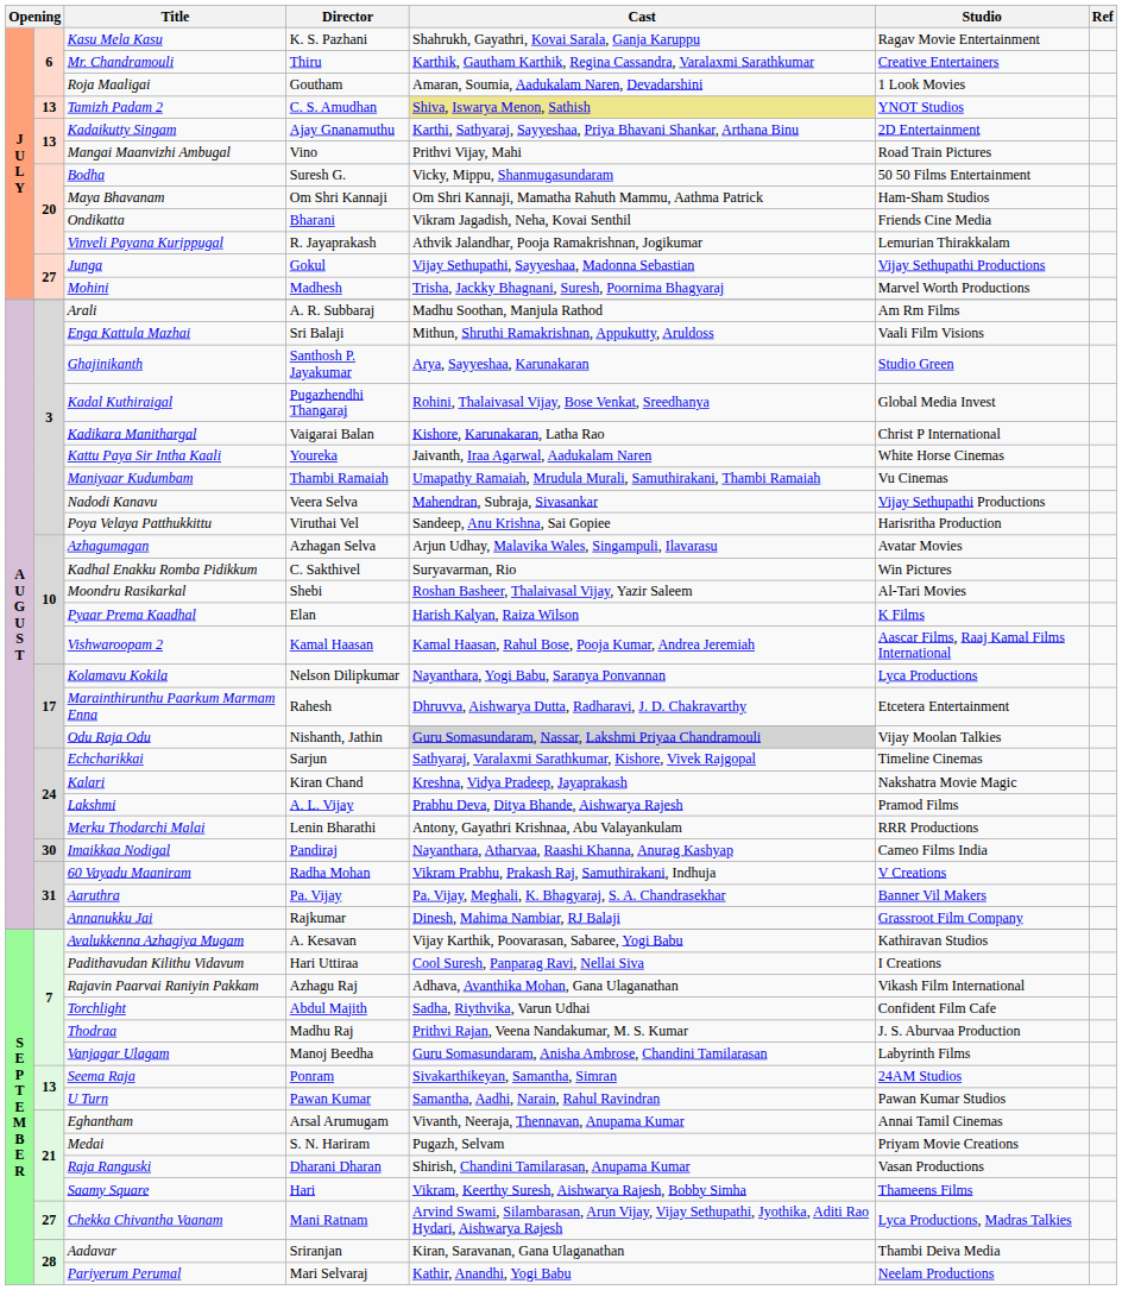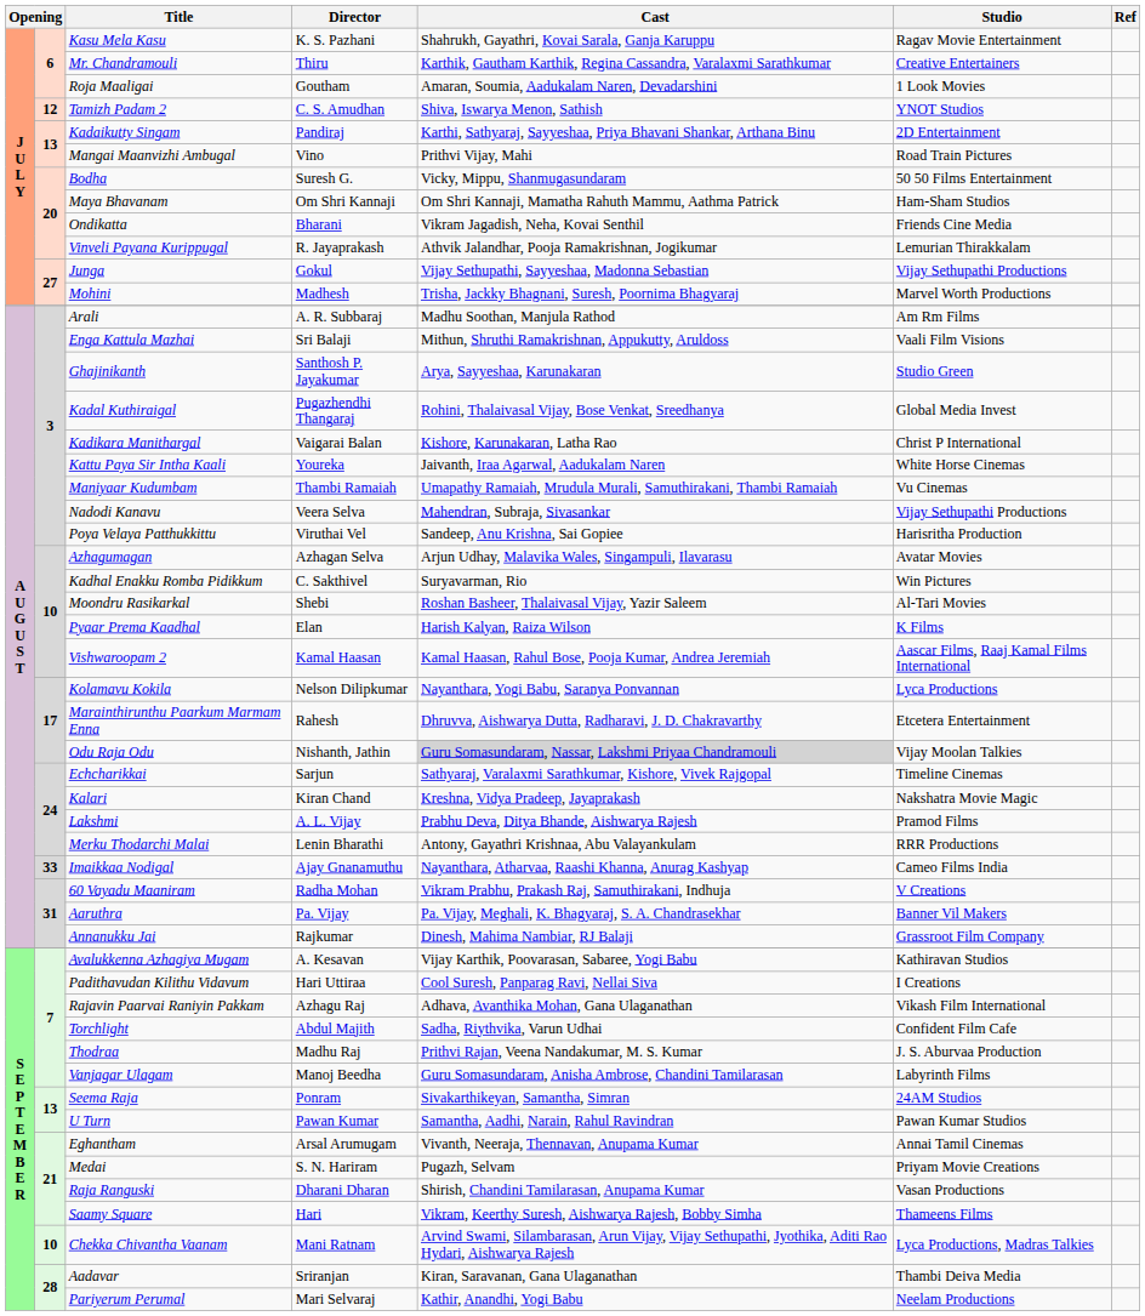 <table class="wikitable sortable">
 <tr style="background">
 <th colspan="2">Opening</th>
 <th style="width:20%;">Title</th>
 <th>Director</th>
 <th>Cast</th>
 <th>Studio</th>
 <th>Ref</th>
 </tr>
 <tr JULY!>
 <th rowspan="12" style="text-align:center; background:#ffa07a; textcolor:#000;">J<br>U<br>L<br>Y</th>
 <td rowspan="3" style="text-align:center; background:#ffdacc;"><strong>6</strong></td>
 <td><em><a href='#'>Kasu Mela Kasu</a></em></td>
 <td>K. S. Pazhani</td>
 <td>Shahrukh, Gayathri, <a href='#'>Kovai Sarala</a>, <a href='#'>Ganja Karuppu</a></td>
 <td>Ragav Movie Entertainment</td>
 <td></td>
 </tr>
 <tr>
 <td><em><a href='#'>Mr. Chandramouli</a></em></td>
 <td><a href='#'>Thiru</a></td>
 <td><a href='#'>Karthik</a>, <a href='#'>Gautham Karthik</a>, <a href='#'>Regina Cassandra</a>, <a href='#'>Varalaxmi Sarathkumar</a></td>
 <td><a href='#'>Creative Entertainers</a></td>
 <td></td>
 </tr>
 <tr>
 <td><em>Roja Maaligai</em></td>
 <td>Goutham</td>
 <td>Amaran, Soumia, <a href='#'>Aadukalam Naren</a>, <a href='#'>Devadarshini</a></td>
 <td>1 Look Movies</td>
 <td></td>
 </tr>
 <tr>
-<td rowspan="1" style="text-align:center; background:#ffdacc;"><strong>13</strong></td>
+<td rowspan="1" style="text-align:center; background:#ffdacc;"><strong>12</strong></td>
 <td><em><a href='#'>Tamizh Padam 2</a></em></td>
 <td><a href='#'>C. S. Amudhan</a></td>
-<td style="background: khaki;"><a href='#'>Shiva</a>, <a href='#'>Iswarya Menon</a>, <a href='#'>Sathish</a></td>
+<td><a href='#'>Shiva</a>, <a href='#'>Iswarya Menon</a>, <a href='#'>Sathish</a></td>
 <td><a href='#'>YNOT Studios</a></td>
 <td></td>
 </tr>
 <tr>
 <td rowspan="2" style="text-align:center; background:#ffdacc;"><strong>13</strong></td>
 <td><em><a href='#'>Kadaikutty Singam</a></em></td>
-<td><a href='#'>Ajay Gnanamuthu</a></td>
+<td><a href='#'>Pandiraj</a></td>
 <td><a href='#'>Karthi</a>, <a href='#'>Sathyaraj</a>, <a href='#'>Sayyeshaa</a>, <a href='#'>Priya Bhavani Shankar</a>, <a href='#'>Arthana Binu</a></td>
 <td><a href='#'>2D Entertainment</a></td>
 <td></td>
 </tr>
 <tr>
 <td><em>Mangai Maanvizhi Ambugal</em></td>
 <td>Vino</td>
 <td>Prithvi Vijay, Mahi</td>
 <td>Road Train Pictures</td>
 <td></td>
 </tr>
 <tr>
 <td rowspan="4" style="text-align:center; background:#ffdacc;"><strong>20</strong></td>
 <td><em><a href='#'>Bodha</a></em></td>
 <td>Suresh G.</td>
 <td>Vicky, Mippu, <a href='#'>Shanmugasundaram</a></td>
 <td>50 50 Films Entertainment</td>
 <td></td>
 </tr>
 <tr>
 <td><em>Maya Bhavanam</em></td>
 <td>Om Shri Kannaji</td>
 <td>Om Shri Kannaji, Mamatha Rahuth Mammu, Aathma Patrick</td>
 <td>Ham-Sham Studios</td>
 <td></td>
 </tr>
 <tr>
 <td><em>Ondikatta</em></td>
 <td><a href='#'>Bharani</a></td>
 <td>Vikram Jagadish, Neha, Kovai Senthil</td>
 <td>Friends Cine Media</td>
 <td></td>
 </tr>
 <tr>
 <td><em><a href='#'>Vinveli Payana Kurippugal</a></em></td>
 <td>R. Jayaprakash</td>
 <td>Athvik Jalandhar, Pooja Ramakrishnan, Jogikumar</td>
 <td>Lemurian Thirakkalam</td>
 <td></td>
 </tr>
 <tr>
 <td rowspan="2" style="text-align:center; background:#ffdacc;"><strong>27</strong></td>
 <td><em><a href='#'>Junga</a></em></td>
 <td><a href='#'>Gokul</a></td>
 <td><a href='#'>Vijay Sethupathi</a>, <a href='#'>Sayyeshaa</a>, <a href='#'>Madonna Sebastian</a></td>
 <td><a href='#'>Vijay Sethupathi Productions</a></td>
 <td></td>
 </tr>
 <tr>
 <td><em><a href='#'>Mohini</a></em></td>
 <td><a href='#'>Madhesh</a></td>
 <td><a href='#'>Trisha</a>, <a href='#'>Jackky Bhagnani</a>, <a href='#'>Suresh</a>, <a href='#'>Poornima Bhagyaraj</a></td>
 <td>Marvel Worth Productions</td>
 <td></td>
 </tr>
 <tr>
 </tr>
 <tr AUG!>
 <th rowspan="25" style="text-align:center; background:thistle; textcolor:#000;">A<br>U<br>G<br>U<br>S<br>T</th>
 <td rowspan="9" style="text-align:center; background:#d8d8d8;"><strong>3</strong></td>
 <td><em>Arali</em></td>
 <td>A. R. Subbaraj</td>
 <td>Madhu Soothan, Manjula Rathod</td>
 <td>Am Rm Films</td>
 <td></td>
 </tr>
 <tr>
 <td><em><a href='#'>Enga Kattula Mazhai</a></em></td>
 <td>Sri Balaji</td>
 <td>Mithun, <a href='#'>Shruthi Ramakrishnan</a>, <a href='#'>Appukutty</a>, <a href='#'>Aruldoss</a></td>
 <td>Vaali Film Visions</td>
 <td></td>
 </tr>
 <tr>
 <td><em><a href='#'>Ghajinikanth</a></em></td>
 <td><a href='#'>Santhosh P. Jayakumar</a></td>
 <td><a href='#'>Arya</a>, <a href='#'>Sayyeshaa</a>, <a href='#'>Karunakaran</a></td>
 <td><a href='#'>Studio Green</a></td>
 <td></td>
 </tr>
 <tr>
 <td><em><a href='#'>Kadal Kuthiraigal</a></em></td>
 <td><a href='#'>Pugazhendhi Thangaraj</a></td>
 <td><a href='#'>Rohini</a>, <a href='#'>Thalaivasal Vijay</a>, <a href='#'>Bose Venkat</a>, <a href='#'>Sreedhanya</a></td>
 <td>Global Media Invest</td>
 <td></td>
 </tr>
 <tr>
 <td><em><a href='#'>Kadikara Manithargal</a></em></td>
 <td>Vaigarai Balan</td>
 <td><a href='#'>Kishore</a>, <a href='#'>Karunakaran</a>, Latha Rao</td>
 <td>Christ P International</td>
 <td></td>
 </tr>
 <tr>
 <td><em><a href='#'>Kattu Paya Sir Intha Kaali</a></em></td>
 <td><a href='#'>Youreka</a></td>
 <td>Jaivanth, <a href='#'>Iraa Agarwal</a>, <a href='#'>Aadukalam Naren</a></td>
 <td>White Horse Cinemas</td>
 <td></td>
 </tr>
 <tr>
 <td><em><a href='#'>Maniyaar Kudumbam</a></em></td>
 <td><a href='#'>Thambi Ramaiah</a></td>
 <td><a href='#'>Umapathy Ramaiah</a>, <a href='#'>Mrudula Murali</a>, <a href='#'>Samuthirakani</a>, <a href='#'>Thambi Ramaiah</a></td>
 <td>Vu Cinemas</td>
 <td></td>
 </tr>
 <tr>
 <td><em>Nadodi Kanavu</em></td>
 <td>Veera Selva</td>
 <td><a href='#'>Mahendran</a>, Subraja, <a href='#'>Sivasankar</a></td>
 <td><a href='#'>Vijay Sethupathi</a> Productions</td>
 <td></td>
 </tr>
 <tr>
 <td><em>Poya Velaya Patthukkittu</em></td>
 <td>Viruthai Vel</td>
 <td>Sandeep, <a href='#'>Anu Krishna</a>, Sai Gopiee</td>
 <td>Harisritha Production</td>
 <td></td>
 </tr>
 <tr>
 <td rowspan="5" style="text-align:center; background:#d8d8d8;"><strong>10</strong></td>
 <td><em><a href='#'>Azhagumagan</a></em></td>
 <td>Azhagan Selva</td>
 <td>Arjun Udhay, <a href='#'>Malavika Wales</a>, <a href='#'>Singampuli</a>, <a href='#'>Ilavarasu</a></td>
 <td>Avatar Movies</td>
 <td></td>
 </tr>
 <tr>
 <td><em>Kadhal Enakku Romba Pidikkum</em></td>
 <td>C. Sakthivel</td>
 <td>Suryavarman, Rio</td>
 <td>Win Pictures</td>
 <td></td>
 </tr>
 <tr>
 <td><em>Moondru Rasikarkal</em></td>
 <td>Shebi</td>
 <td><a href='#'>Roshan Basheer</a>, <a href='#'>Thalaivasal Vijay</a>, Yazir Saleem</td>
 <td>Al-Tari Movies</td>
 <td></td>
 </tr>
 <tr>
 <td><em><a href='#'>Pyaar Prema Kaadhal</a></em></td>
 <td>Elan</td>
 <td><a href='#'>Harish Kalyan</a>, <a href='#'>Raiza Wilson</a></td>
 <td><a href='#'>K Films</a></td>
 <td></td>
 </tr>
 <tr>
 <td><em><a href='#'>Vishwaroopam 2</a></em></td>
 <td><a href='#'>Kamal Haasan</a></td>
 <td><a href='#'>Kamal Haasan</a>, <a href='#'>Rahul Bose</a>, <a href='#'>Pooja Kumar</a>, <a href='#'>Andrea Jeremiah</a></td>
 <td><a href='#'>Aascar Films</a>, <a href='#'>Raaj Kamal Films International</a></td>
 <td></td>
 </tr>
 <tr>
 <td rowspan="3" style="text-align:center; background:#d8d8d8;"><strong>17</strong></td>
 <td><em><a href='#'>Kolamavu Kokila</a></em></td>
 <td>Nelson Dilipkumar</td>
 <td><a href='#'>Nayanthara</a>, <a href='#'>Yogi Babu</a>, <a href='#'>Saranya Ponvannan</a></td>
 <td><a href='#'>Lyca Productions</a></td>
 <td></td>
 </tr>
 <tr>
 <td><em><a href='#'>Marainthirunthu Paarkum Marmam Enna</a></em></td>
 <td>Rahesh</td>
 <td><a href='#'>Dhruvva</a>, <a href='#'>Aishwarya Dutta</a>, <a href='#'>Radharavi</a>, <a href='#'>J. D. Chakravarthy</a></td>
 <td>Etcetera Entertainment</td>
 <td></td>
 </tr>
 <tr>
 <td><em><a href='#'>Odu Raja Odu</a></em></td>
 <td>Nishanth, Jathin</td>
 <td style="background: lightgrey;"><a href='#'>Guru Somasundaram</a>, <a href='#'>Nassar</a>, <a href='#'>Lakshmi Priyaa Chandramouli</a></td>
 <td>Vijay Moolan Talkies</td>
 <td></td>
 </tr>
 <tr>
 <td rowspan="4" style="text-align:center; background:#d8d8d8;"><strong>24</strong></td>
 <td><em><a href='#'>Echcharikkai</a></em></td>
 <td>Sarjun</td>
 <td><a href='#'>Sathyaraj</a>, <a href='#'>Varalaxmi Sarathkumar</a>, <a href='#'>Kishore</a>, <a href='#'>Vivek Rajgopal</a></td>
 <td>Timeline Cinemas</td>
 <td></td>
 </tr>
 <tr>
 <td><em><a href='#'>Kalari</a></em></td>
 <td>Kiran Chand</td>
 <td><a href='#'>Kreshna</a>, <a href='#'>Vidya Pradeep</a>, <a href='#'>Jayaprakash</a></td>
 <td>Nakshatra Movie Magic</td>
 <td></td>
 </tr>
 <tr>
 <td><em><a href='#'>Lakshmi</a></em></td>
 <td><a href='#'>A. L. Vijay</a></td>
 <td><a href='#'>Prabhu Deva</a>, <a href='#'>Ditya Bhande</a>, <a href='#'>Aishwarya Rajesh</a></td>
 <td>Pramod Films</td>
 <td></td>
 </tr>
 <tr>
 <td><em><a href='#'>Merku Thodarchi Malai</a></em></td>
 <td>Lenin Bharathi</td>
 <td>Antony, Gayathri Krishnaa, Abu Valayankulam</td>
 <td>RRR Productions</td>
 <td></td>
 </tr>
 <tr>
-<td rowspan="1" style="text-align:center; background:#d8d8d8;"><strong>30</strong></td>
+<td rowspan="1" style="text-align:center; background:#d8d8d8;"><strong>33</strong></td>
 <td><em><a href='#'>Imaikkaa Nodigal</a></em></td>
-<td><a href='#'>Pandiraj</a></td>
+<td><a href='#'>Ajay Gnanamuthu</a></td>
 <td><a href='#'>Nayanthara</a>, <a href='#'>Atharvaa</a>, <a href='#'>Raashi Khanna</a>, <a href='#'>Anurag Kashyap</a></td>
 <td>Cameo Films India</td>
 <td></td>
 </tr>
 <tr>
 <td rowspan="3" style="text-align:center; background:#d8d8d8;"><strong>31</strong></td>
 <td><em><a href='#'>60 Vayadu Maaniram</a></em></td>
 <td><a href='#'>Radha Mohan</a></td>
 <td><a href='#'>Vikram Prabhu</a>, <a href='#'>Prakash Raj</a>, <a href='#'>Samuthirakani</a>, Indhuja</td>
 <td><a href='#'>V Creations</a></td>
 <td></td>
 </tr>
 <tr>
 <td><em><a href='#'>Aaruthra</a></em></td>
 <td><a href='#'>Pa. Vijay</a></td>
 <td><a href='#'>Pa. Vijay</a>, <a href='#'>Meghali</a>, <a href='#'>K. Bhagyaraj</a>, <a href='#'>S. A. Chandrasekhar</a></td>
 <td><a href='#'>Banner Vil Makers</a></td>
 <td></td>
 </tr>
 <tr>
 <td><em><a href='#'>Annanukku Jai</a></em></td>
 <td>Rajkumar</td>
 <td><a href='#'>Dinesh</a>, <a href='#'>Mahima Nambiar</a>, <a href='#'>RJ Balaji</a></td>
 <td><a href='#'>Grassroot Film Company</a></td>
 <td></td>
 </tr>
 <tr>
 </tr>
 <tr SEP!>
 <th rowspan="15" style="text-align:center; background:#98fb98; textcolor:#000;">S<br>E<br>P<br>T<br>E<br>M<br>B<br>E<br>R</th>
 <td rowspan="6"  style="text-align:center; background:#e0f9e0; "><strong>7</strong></td>
 <td><em><a href='#'>Avalukkenna Azhagiya Mugam</a></em></td>
 <td>A. Kesavan</td>
 <td>Vijay Karthik, Poovarasan, Sabaree, <a href='#'>Yogi Babu</a></td>
 <td>Kathiravan Studios</td>
 <td></td>
 </tr>
 <tr>
 <td><em>Padithavudan Kilithu Vidavum</em></td>
 <td>Hari Uttiraa</td>
 <td><a href='#'>Cool Suresh</a>, <a href='#'>Panparag Ravi</a>, <a href='#'>Nellai Siva</a></td>
 <td>I Creations</td>
 <td></td>
 </tr>
 <tr>
 <td><em>Rajavin Paarvai Raniyin Pakkam</em></td>
 <td>Azhagu Raj</td>
 <td>Adhava, <a href='#'>Avanthika Mohan</a>, Gana Ulaganathan</td>
 <td>Vikash Film International</td>
 <td></td>
 </tr>
 <tr>
 <td><em><a href='#'>Torchlight</a></em></td>
 <td><a href='#'>Abdul Majith</a></td>
 <td><a href='#'>Sadha</a>, <a href='#'>Riythvika</a>, Varun Udhai</td>
 <td>Confident Film Cafe</td>
 <td></td>
 </tr>
 <tr>
 <td><em><a href='#'>Thodraa</a></em></td>
 <td>Madhu Raj</td>
 <td><a href='#'>Prithvi Rajan</a>, Veena Nandakumar, M. S. Kumar</td>
 <td>J. S. Aburvaa Production</td>
 <td></td>
 </tr>
 <tr>
 <td><em><a href='#'>Vanjagar Ulagam</a></em></td>
 <td>Manoj Beedha</td>
 <td><a href='#'>Guru Somasundaram</a>, <a href='#'>Anisha Ambrose</a>, <a href='#'>Chandini Tamilarasan</a></td>
 <td>Labyrinth Films</td>
 <td></td>
 </tr>
 <tr>
 <td rowspan="2" style="text-align:center; background:#e0f9e0; "><strong>13</strong></td>
 <td><em><a href='#'>Seema Raja</a></em></td>
 <td><a href='#'>Ponram</a></td>
 <td><a href='#'>Sivakarthikeyan</a>, <a href='#'>Samantha</a>, <a href='#'>Simran</a></td>
 <td><a href='#'>24AM Studios</a></td>
 <td></td>
 </tr>
 <tr>
 <td><em><a href='#'>U Turn</a></em></td>
 <td><a href='#'>Pawan Kumar</a></td>
 <td><a href='#'>Samantha</a>, <a href='#'>Aadhi</a>, <a href='#'>Narain</a>, <a href='#'>Rahul Ravindran</a></td>
 <td>Pawan Kumar Studios</td>
 <td></td>
 </tr>
 <tr>
 <td rowspan="4" style="text-align:center; background:#e0f9e0; "><strong>21</strong></td>
 <td><em>Eghantham</em></td>
 <td>Arsal Arumugam</td>
 <td>Vivanth, Neeraja, <a href='#'>Thennavan</a>, <a href='#'>Anupama Kumar</a></td>
 <td>Annai Tamil Cinemas</td>
 <td></td>
 </tr>
 <tr>
 <td><em>Medai</em></td>
 <td>S. N. Hariram</td>
 <td>Pugazh, Selvam</td>
 <td>Priyam Movie Creations</td>
 <td></td>
 </tr>
 <tr>
 <td><em><a href='#'>Raja Ranguski</a></em></td>
 <td><a href='#'>Dharani Dharan</a></td>
 <td>Shirish, <a href='#'>Chandini Tamilarasan</a>, <a href='#'>Anupama Kumar</a></td>
 <td>Vasan Productions</td>
 <td></td>
 </tr>
 <tr>
 <td><em><a href='#'>Saamy Square</a></em></td>
 <td><a href='#'>Hari</a></td>
 <td><a href='#'>Vikram</a>, <a href='#'>Keerthy Suresh</a>, <a href='#'>Aishwarya Rajesh</a>, <a href='#'>Bobby Simha</a></td>
 <td><a href='#'>Thameens Films</a></td>
 <td></td>
 </tr>
 <tr>
-<td rowspan="1"  style="text-align:center; background:#e0f9e0; "><strong>27</strong></td>
+<td rowspan="1"  style="text-align:center; background:#e0f9e0; "><strong>10</strong></td>
 <td><em><a href='#'>Chekka Chivantha Vaanam</a></em></td>
 <td><a href='#'>Mani Ratnam</a></td>
 <td><a href='#'>Arvind Swami</a>, <a href='#'>Silambarasan</a>, <a href='#'>Arun Vijay</a>, <a href='#'>Vijay Sethupathi</a>,  <a href='#'>Jyothika</a>, <a href='#'>Aditi Rao Hydari</a>, <a href='#'>Aishwarya Rajesh</a></td>
 <td><a href='#'>Lyca Productions</a>, <a href='#'>Madras Talkies</a></td>
 <td></td>
 </tr>
 <tr>
 <td rowspan="2" style="text-align:center; background:#e0f9e0; "><strong>28</strong></td>
 <td><em>Aadavar</em></td>
 <td>Sriranjan</td>
 <td>Kiran, Saravanan, Gana Ulaganathan</td>
 <td>Thambi Deiva Media</td>
 <td></td>
 </tr>
 <tr>
 <td><em><a href='#'>Pariyerum Perumal</a></em></td>
 <td>Mari Selvaraj</td>
 <td><a href='#'>Kathir</a>, <a href='#'>Anandhi</a>, <a href='#'>Yogi Babu</a></td>
 <td><a href='#'>Neelam Productions</a></td>
 <td></td>
 </tr>
 </table>
